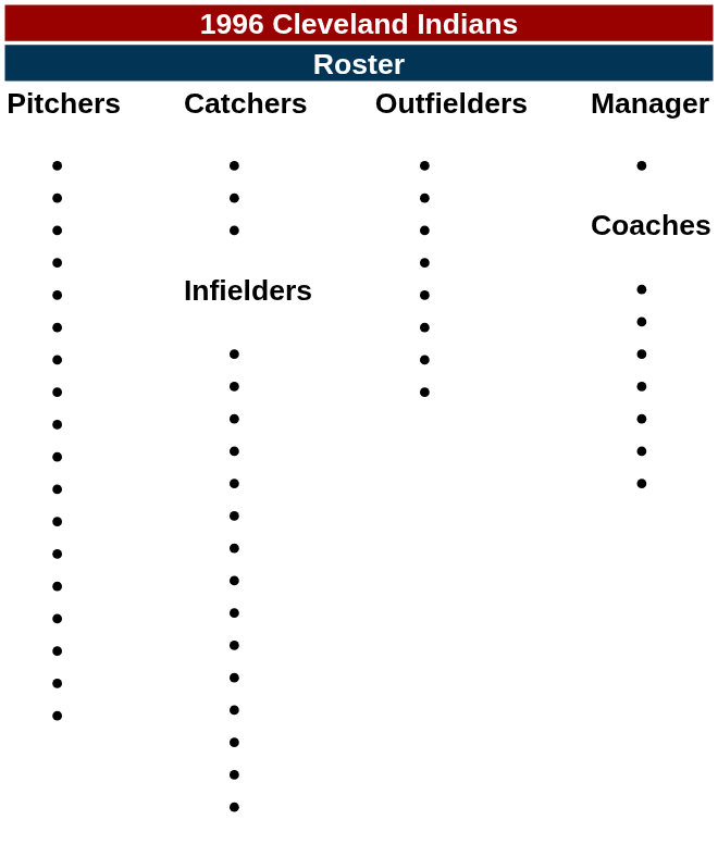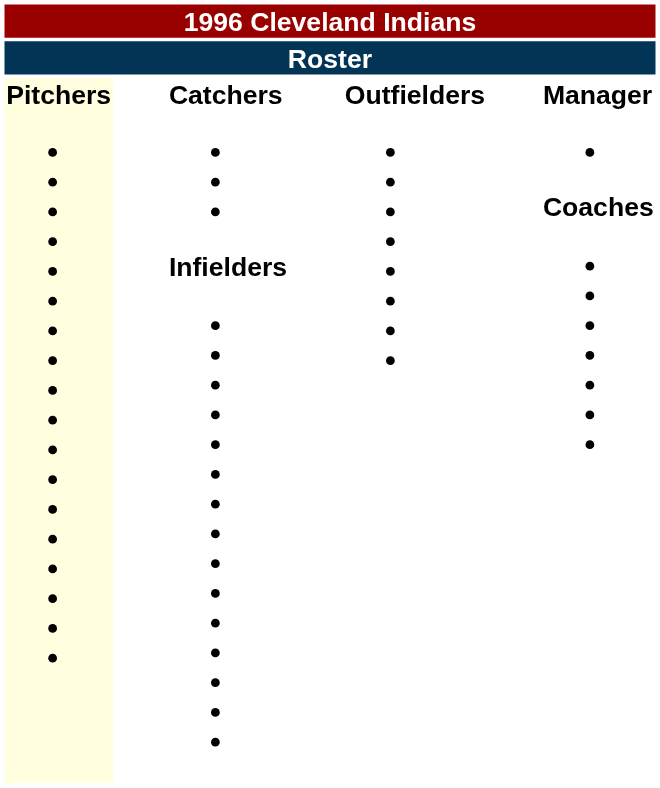 <table class="toccolours" style="font-size: 95%;">
 <tr>
 <th colspan="10" style="background-color: #990000; color: white; text-align: center;">1996 Cleveland Indians</th>
 </tr>
 <tr>
 <td colspan="10" style="background-color: #023456; color: #FFFFFF; text-align: center;"><strong>Roster</strong></td>
 </tr>
 <tr>
-<td valign="top"><strong>Pitchers</strong><br><ul><li></li><li></li><li></li><li></li><li></li><li></li><li></li><li></li><li></li><li></li><li></li><li></li><li></li><li></li><li></li><li></li><li></li><li></li></ul></td>
+<td valign="top" style="background: lightyellow;"><strong>Pitchers</strong><br><ul><li></li><li></li><li></li><li></li><li></li><li></li><li></li><li></li><li></li><li></li><li></li><li></li><li></li><li></li><li></li><li></li><li></li><li></li></ul></td>
 <td width="25px"></td>
 <td valign="top"><strong>Catchers</strong><br><ul><li></li><li></li><li></li></ul><strong>Infielders</strong><ul><li></li><li></li><li></li><li></li><li></li><li></li><li></li><li></li><li></li><li></li><li></li><li></li><li></li><li></li><li></li></ul></td>
 <td width="25px"></td>
 <td valign="top"><strong>Outfielders</strong><br><ul><li></li><li></li><li></li><li></li><li></li><li></li><li></li><li></li></ul></td>
 <td width="25px"></td>
 <td valign="top"><strong>Manager</strong><br><ul><li></li></ul><strong>Coaches</strong><ul><li></li><li></li><li></li><li></li><li></li><li></li><li></li></ul></td>
 </tr>
 </table>
